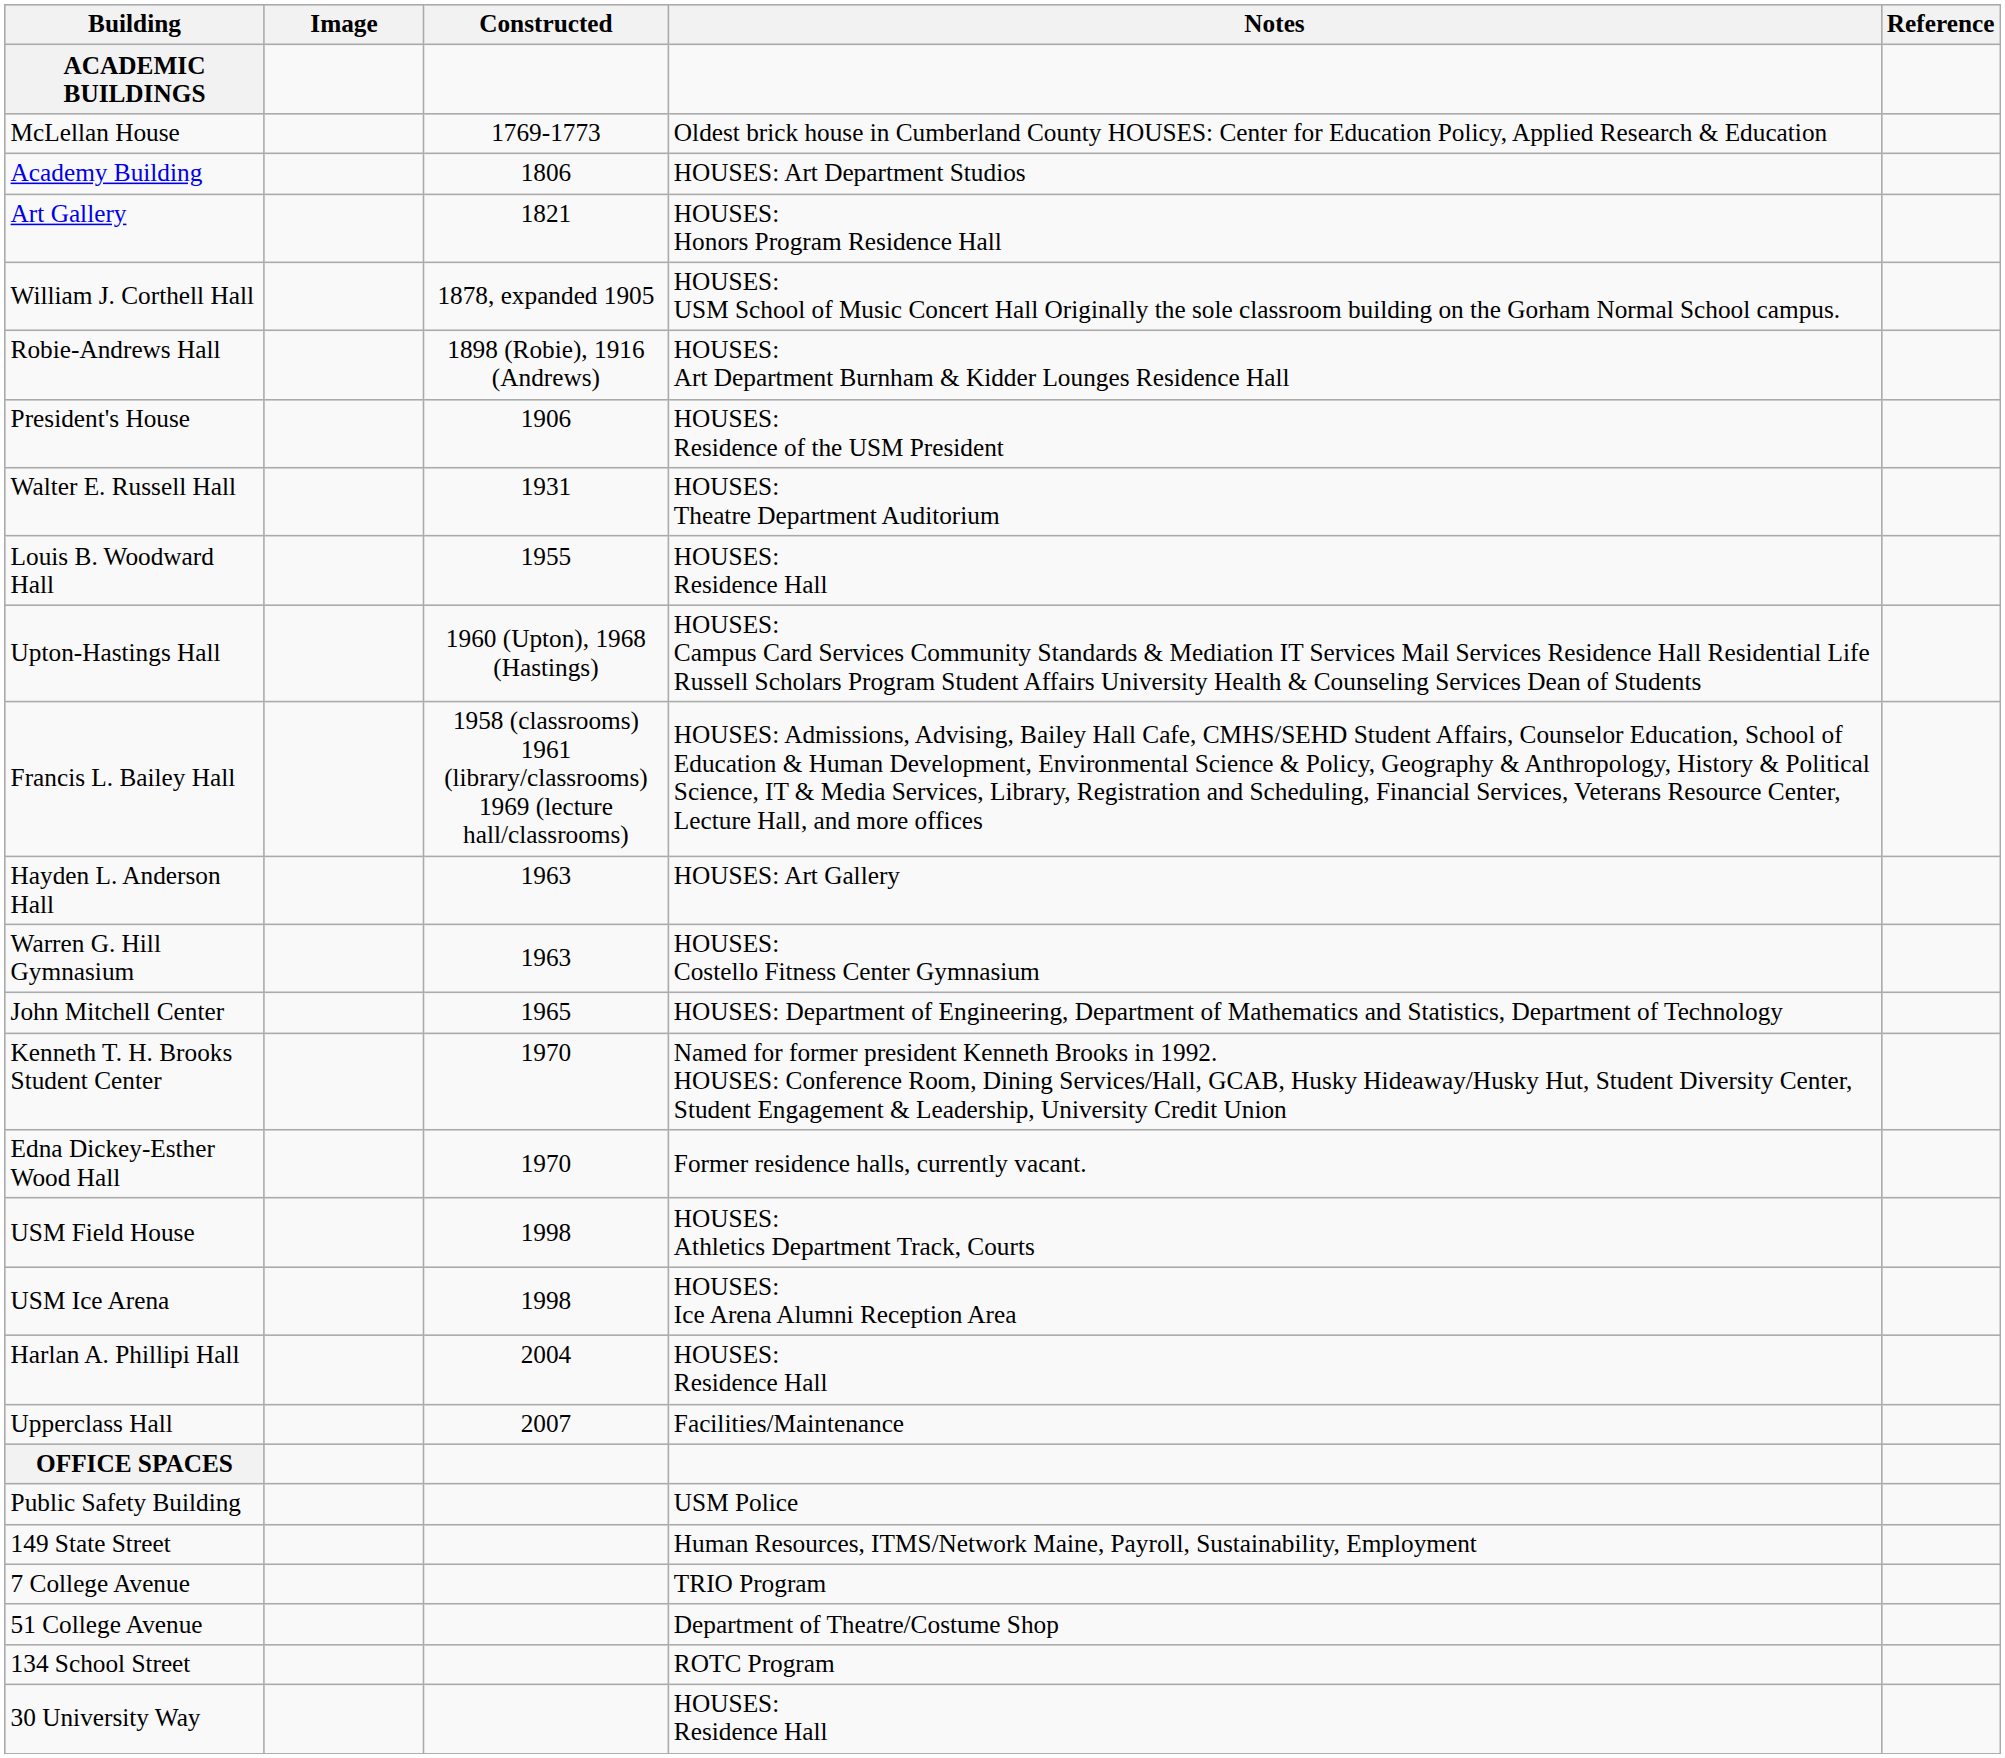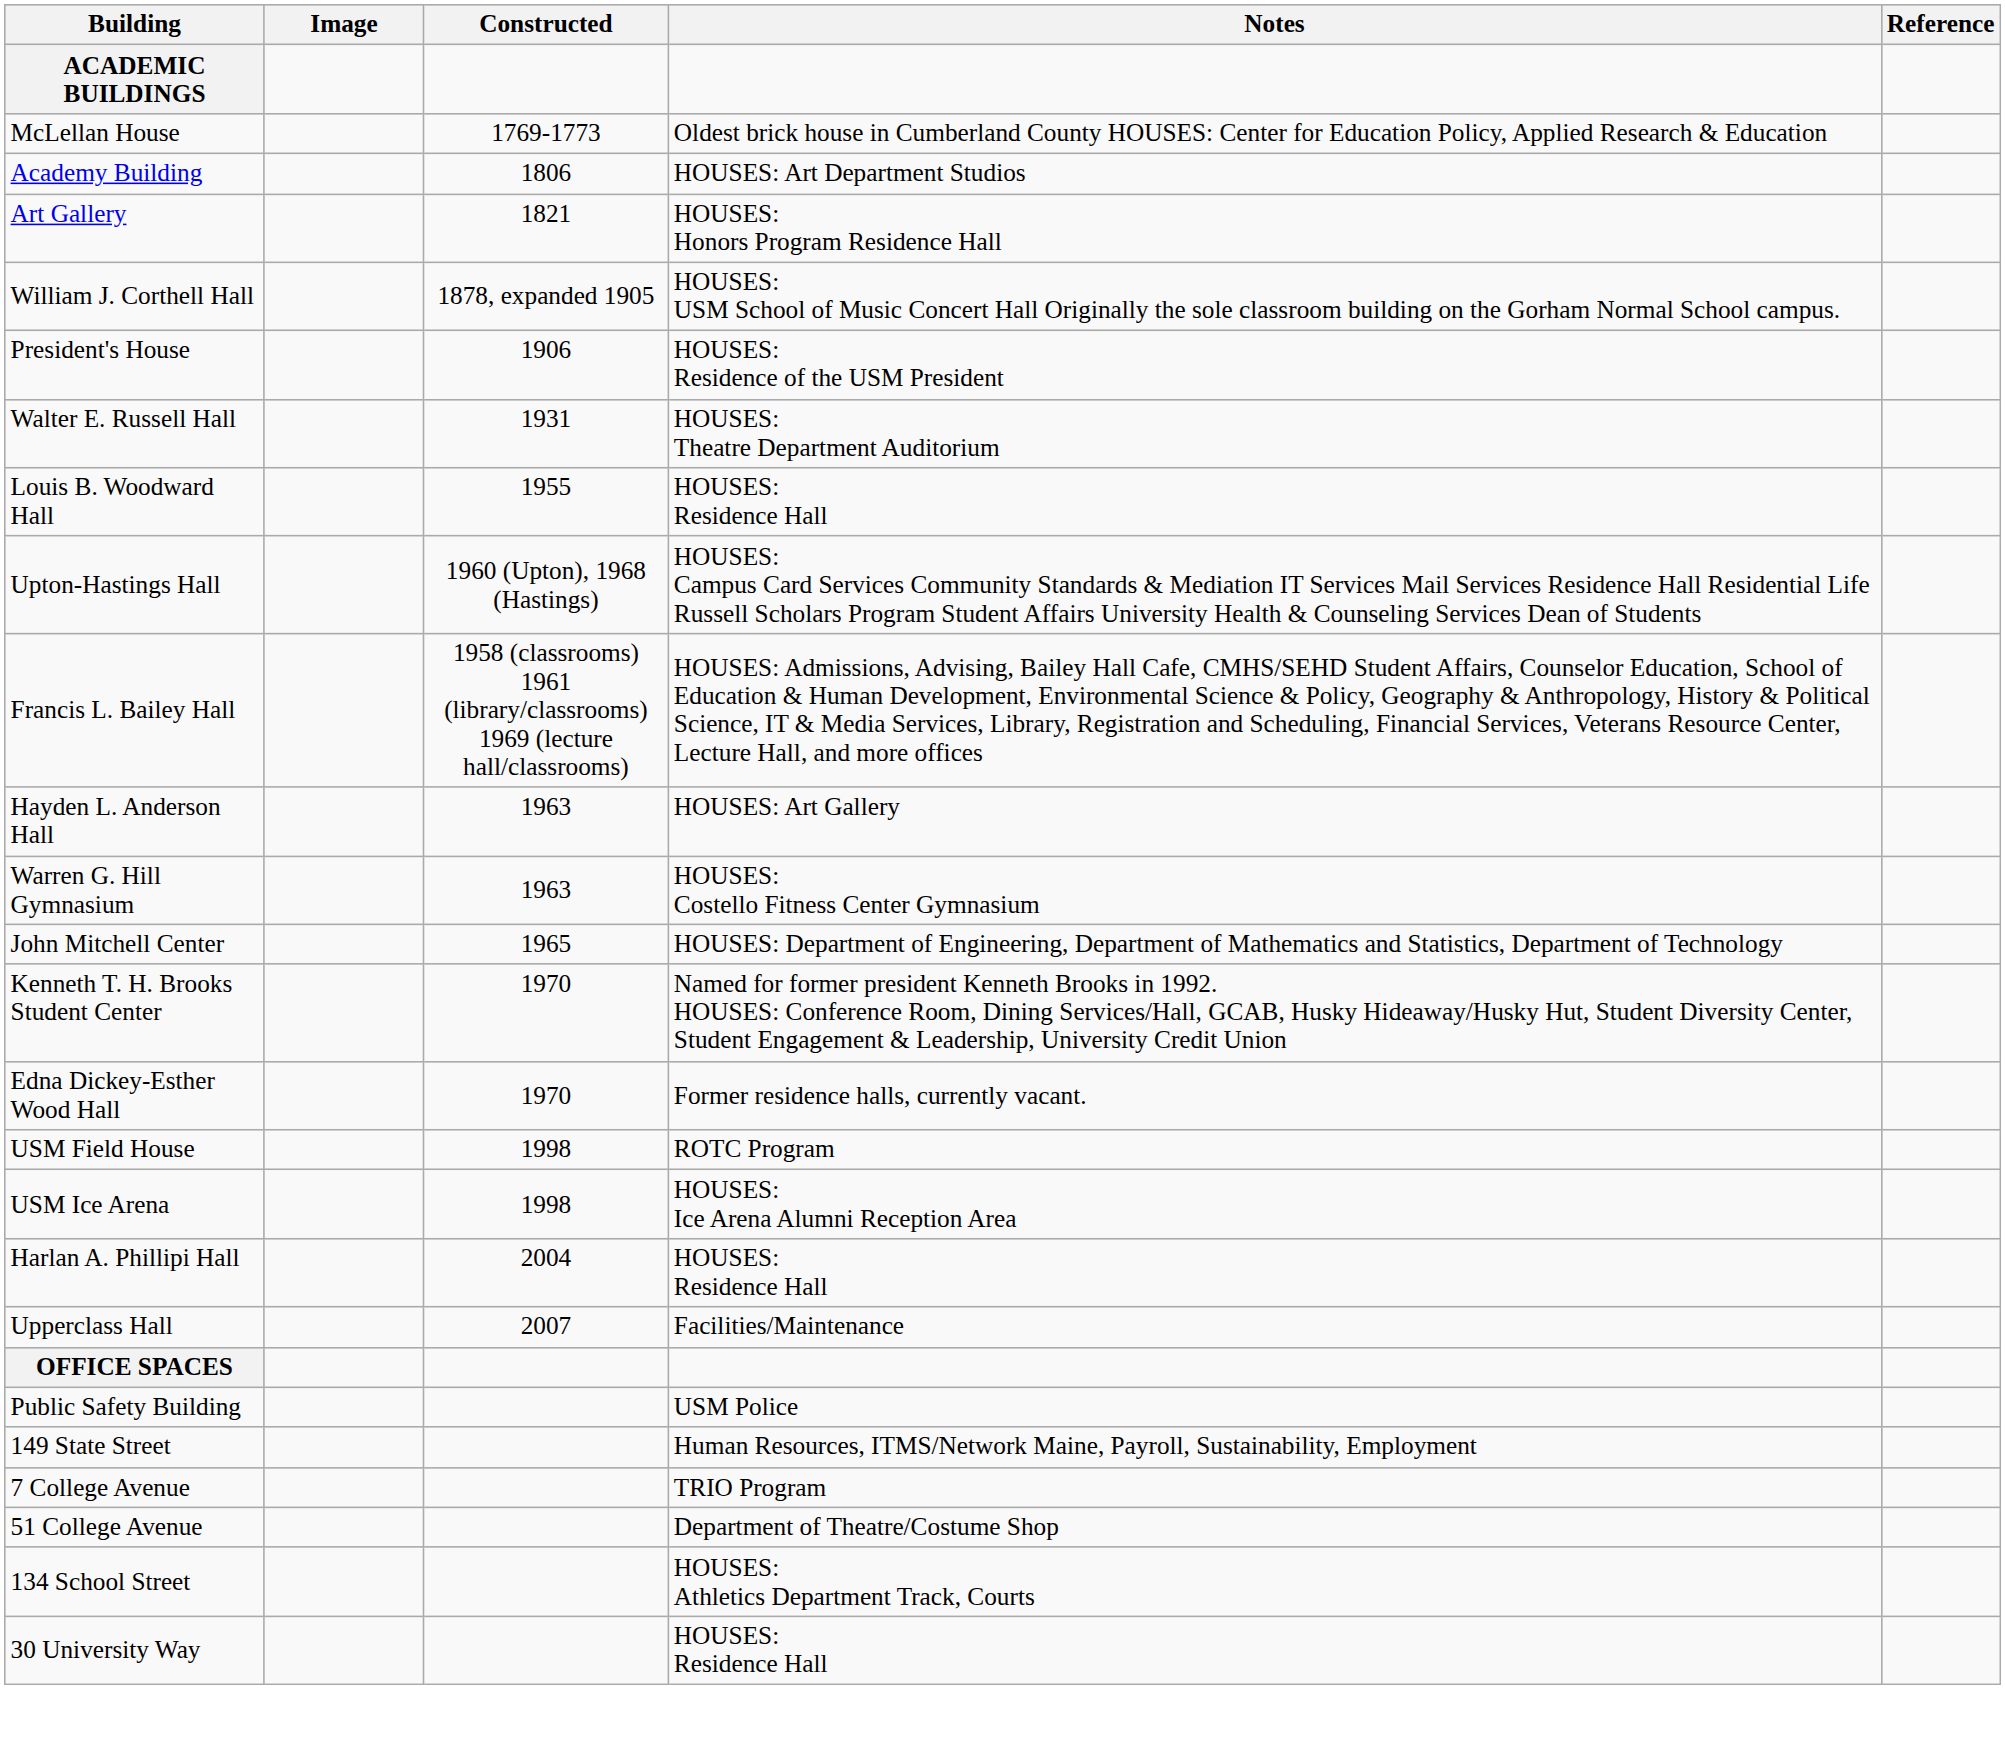 <table class="wikitable sortable" style="width:100%">
 <tr>
 <th style="width:13%;">Building</th>
 <th style="width:8%;" class="unsortable">Image</th>
 <th style="width:*;">Constructed</th>
 <th style="width:*;" class="unsortable">Notes</th>
 <th style="width:*;" class="unsortable">Reference</th>
 </tr>
 <tr>
 <th><strong>ACADEMIC BUILDINGS</strong></th>
 <td></td>
 <td></td>
 <td></td>
 <td></td>
 </tr>
 <tr>
 <td>McLellan House</td>
 <td></td>
 <td style="text-align:center;">1769-1773</td>
 <td>Oldest brick house in Cumberland County HOUSES: Center for Education Policy, Applied Research & Education</td>
 <td></td>
 </tr>
 <tr valign="top">
 <td><a href='#'>Academy Building</a></td>
 <td style="text-align:center;"></td>
 <td style="text-align:center;">1806</td>
 <td>HOUSES: Art Department Studios</td>
 <td style="text-align:center;"></td>
 </tr>
 <tr valign="top">
 <td><a href='#'>Art Gallery</a></td>
 <td style="text-align:center;"></td>
 <td style="text-align:center;">1821</td>
 <td>HOUSES:<br>Honors Program Residence Hall</td>
 <td style="text-align:center;"></td>
 </tr>
 <tr>
 <td>William J. Corthell Hall</td>
 <td></td>
 <td style="text-align:center;">1878, expanded 1905</td>
 <td>HOUSES:<br>USM School of Music Concert Hall Originally the sole classroom building on the Gorham Normal School campus.</td>
 <td></td>
-</tr>
-<tr valign="top">
-<td>Robie-Andrews Hall</td>
-<td style="text-align:center;"></td>
-<td style="text-align:center;">1898 (Robie), 1916 (Andrews)</td>
-<td>HOUSES:<br>Art Department Burnham & Kidder Lounges Residence Hall</td>
-<td style="text-align:center;"></td>
 </tr>
 <tr valign="top">
 <td>President's House</td>
 <td style="text-align:center;"></td>
 <td style="text-align:center;">1906</td>
 <td>HOUSES:<br>Residence of the USM President</td>
 <td style="text-align:center;"></td>
 </tr>
 <tr valign="top">
 <td>Walter E. Russell Hall</td>
 <td style="text-align:center;"></td>
 <td style="text-align:center;">1931</td>
 <td>HOUSES:<br>Theatre Department Auditorium</td>
 <td style="text-align:center;"></td>
 </tr>
 <tr valign="top">
 <td>Louis B. Woodward Hall</td>
 <td style="text-align:center;"></td>
 <td style="text-align:center;">1955</td>
 <td>HOUSES:<br>Residence Hall</td>
 <td style="text-align:center;"></td>
 </tr>
 <tr>
 <td>Upton-Hastings Hall</td>
 <td></td>
 <td style="text-align:center;">1960 (Upton), 1968 (Hastings)</td>
 <td>HOUSES:<br>Campus Card Services Community Standards & Mediation IT Services Mail Services Residence Hall Residential Life Russell Scholars Program Student Affairs University Health & Counseling Services Dean of Students</td>
 <td></td>
 </tr>
 <tr>
 <td>Francis L. Bailey Hall</td>
 <td></td>
 <td style="text-align:center;">1958 (classrooms)<br>1961 (library/classrooms)<br>1969 (lecture hall/classrooms)</td>
 <td>HOUSES: Admissions, Advising, Bailey Hall Cafe, CMHS/SEHD Student Affairs, Counselor Education, School of Education & Human Development, Environmental Science & Policy, Geography & Anthropology, History & Political Science, IT & Media Services, Library, Registration and Scheduling, Financial Services, Veterans Resource Center, Lecture Hall, and more offices</td>
 <td></td>
 </tr>
 <tr valign="top">
 <td>Hayden L. Anderson Hall</td>
 <td style="text-align:center;"></td>
 <td style="text-align:center;">1963</td>
 <td>HOUSES: Art Gallery</td>
 <td style="text-align:center;"></td>
 </tr>
 <tr>
 <td>Warren G. Hill Gymnasium</td>
 <td></td>
 <td style="text-align:center;">1963</td>
 <td>HOUSES:<br>Costello Fitness Center Gymnasium</td>
 <td></td>
 </tr>
 <tr>
 <td>John Mitchell Center</td>
 <td></td>
 <td style="text-align:center;">1965</td>
 <td>HOUSES: Department of Engineering, Department of Mathematics and Statistics, Department of Technology</td>
 <td></td>
 </tr>
 <tr valign="top">
 <td>Kenneth T. H. Brooks Student Center</td>
 <td style="text-align:center;"></td>
 <td style="text-align:center;">1970</td>
 <td>Named for former president Kenneth Brooks in 1992.<br>HOUSES: Conference Room, Dining Services/Hall, GCAB, Husky Hideaway/Husky Hut, Student Diversity Center, Student Engagement & Leadership, University Credit Union</td>
 <td style="text-align:center;"></td>
 </tr>
 <tr>
 <td>Edna Dickey-Esther Wood Hall</td>
 <td></td>
 <td style="text-align:center;">1970</td>
 <td>Former residence halls, currently vacant.</td>
 <td></td>
 </tr>
 <tr>
 <td>USM Field House</td>
 <td></td>
 <td style="text-align:center;">1998</td>
-<td>HOUSES:<br>Athletics Department Track, Courts</td>
+<td>ROTC Program</td>
 <td></td>
 </tr>
 <tr>
 <td>USM Ice Arena</td>
 <td></td>
 <td style="text-align:center;">1998</td>
 <td>HOUSES:<br>Ice Arena Alumni Reception Area</td>
 <td></td>
 </tr>
 <tr valign="top">
 <td>Harlan A. Phillipi Hall</td>
 <td style="text-align:center;"></td>
 <td style="text-align:center;">2004</td>
 <td>HOUSES:<br>Residence Hall</td>
 <td style="text-align:center;"></td>
 </tr>
 <tr valign="top">
 <td>Upperclass Hall</td>
 <td style="text-align:center;"></td>
 <td style="text-align:center;">2007</td>
 <td>Facilities/Maintenance</td>
 <td style="text-align:center;"></td>
 </tr>
 <tr>
 <th><strong>OFFICE SPACES</strong></th>
 <td></td>
 <td></td>
 <td></td>
 <td></td>
 </tr>
 <tr>
 <td>Public Safety Building</td>
 <td></td>
 <td></td>
 <td>USM Police</td>
 <td></td>
 </tr>
 <tr>
 <td>149 State Street</td>
 <td></td>
 <td></td>
 <td>Human Resources, ITMS/Network Maine, Payroll, Sustainability, Employment</td>
 <td></td>
 </tr>
 <tr>
 <td>7 College Avenue</td>
 <td></td>
 <td></td>
 <td>TRIO Program</td>
 <td></td>
 </tr>
 <tr>
 <td>51 College Avenue</td>
 <td></td>
 <td></td>
 <td>Department of Theatre/Costume Shop</td>
 <td></td>
 </tr>
 <tr>
 <td>134 School Street</td>
 <td></td>
 <td></td>
-<td>ROTC Program</td>
+<td>HOUSES:<br>Athletics Department Track, Courts</td>
 <td></td>
 </tr>
 <tr>
 <td>30 University Way</td>
 <td></td>
 <td></td>
 <td>HOUSES:<br>Residence Hall</td>
 <td></td>
 </tr>
 </table>
